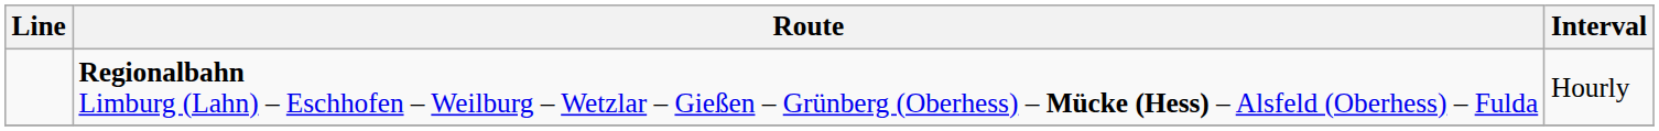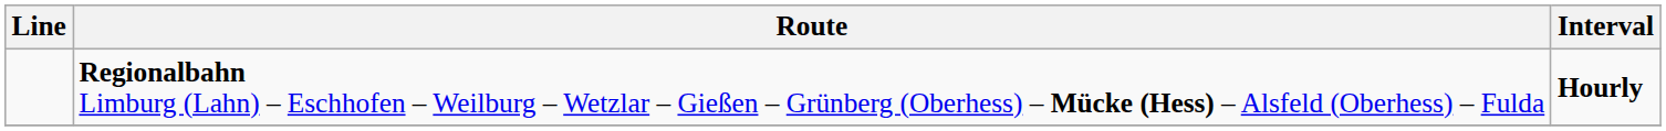 <table class="wikitable">
 <tr>
 <th>Line</th>
 <th>Route</th>
 <th>Interval</th>
 </tr>
 <tr>
 <td></td>
 <td><strong>Regionalbahn</strong><br><a href='#'>Limburg (Lahn)</a> – <a href='#'>Eschhofen</a> – <a href='#'>Weilburg</a> – <a href='#'>Wetzlar</a> – <a href='#'>Gießen</a> – <a href='#'>Grünberg (Oberhess)</a> – <strong>Mücke (Hess)</strong> – <a href='#'>Alsfeld (Oberhess)</a> – <a href='#'>Fulda</a></td>
-<td>Hourly</td>
+<td><strong>Hourly</strong></td>
 </tr>
 <tr>
 </tr>
 </table>
